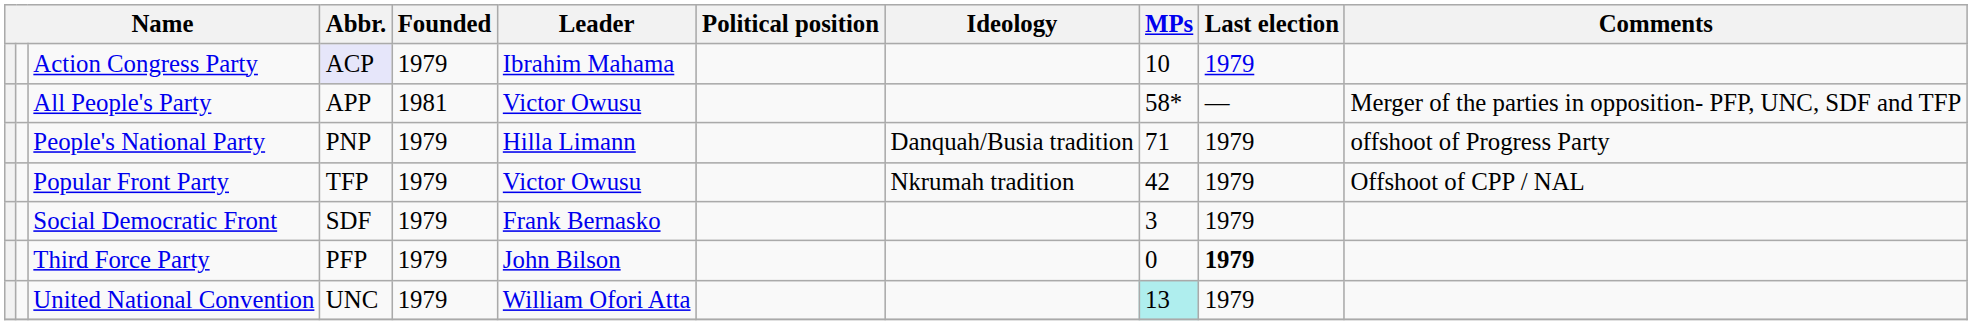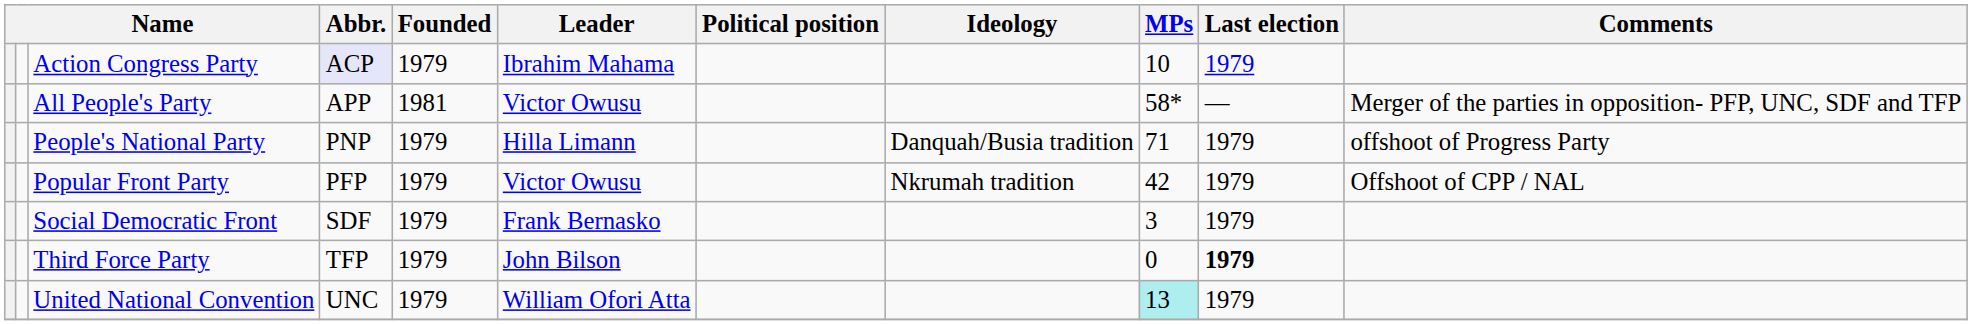 <table class="wikitable">
 <tr>
 <th colspan=3>Name</th>
 <th>Abbr.</th>
 <th>Founded</th>
 <th>Leader</th>
 <th>Political position</th>
 <th>Ideology</th>
 <th><a href='#'>MPs</a></th>
 <th>Last election</th>
 <th>Comments</th>
 </tr>
 <tr>
 <th></th>
 <td></td>
 <td><a href='#'>Action Congress Party</a><br></td>
 <td style="background: lavender;">ACP</td>
 <td>1979</td>
 <td><a href='#'>Ibrahim Mahama</a></td>
 <td></td>
 <td></td>
 <td>10</td>
 <td><a href='#'>1979</a></td>
 <td></td>
 </tr>
 <tr>
 <th></th>
 <td></td>
 <td><a href='#'>All People's Party</a><br></td>
 <td>APP</td>
 <td>1981</td>
 <td><a href='#'>Victor Owusu</a></td>
 <td></td>
 <td></td>
 <td>58*</td>
 <td>—</td>
 <td>Merger of the parties in opposition- PFP, UNC, SDF and TFP</td>
 </tr>
 <tr>
 <th></th>
 <td></td>
 <td><a href='#'>People's National Party</a><br></td>
 <td>PNP</td>
 <td>1979</td>
 <td><a href='#'>Hilla Limann</a></td>
 <td></td>
 <td>Danquah/Busia tradition</td>
 <td>71</td>
 <td>1979</td>
 <td>offshoot of Progress Party</td>
 </tr>
 <tr>
 <th></th>
 <td></td>
 <td><a href='#'>Popular Front Party</a><br></td>
-<td>TFP</td>
+<td>PFP</td>
 <td>1979</td>
 <td><a href='#'>Victor Owusu</a></td>
 <td></td>
 <td>Nkrumah tradition</td>
 <td>42</td>
 <td>1979</td>
 <td>Offshoot of CPP / NAL</td>
 </tr>
 <tr>
 <th></th>
 <td></td>
 <td><a href='#'>Social Democratic Front</a><br></td>
 <td>SDF</td>
 <td>1979</td>
 <td><a href='#'>Frank Bernasko</a></td>
 <td></td>
 <td></td>
 <td>3</td>
 <td>1979</td>
 <td></td>
 </tr>
 <tr>
 <th></th>
 <td></td>
 <td><a href='#'>Third Force Party</a><br></td>
-<td>PFP</td>
+<td>TFP</td>
 <td>1979</td>
 <td><a href='#'>John Bilson</a></td>
 <td></td>
 <td></td>
 <td>0</td>
 <td><strong>1979</strong></td>
 <td></td>
 </tr>
 <tr>
 <th></th>
 <td></td>
 <td><a href='#'>United National Convention</a><br></td>
 <td>UNC</td>
 <td>1979</td>
 <td><a href='#'>William Ofori Atta</a></td>
 <td></td>
 <td></td>
 <td style="background: paleturquoise;">13</td>
 <td>1979</td>
 <td></td>
 </tr>
 <tr>
 </tr>
 </table>
